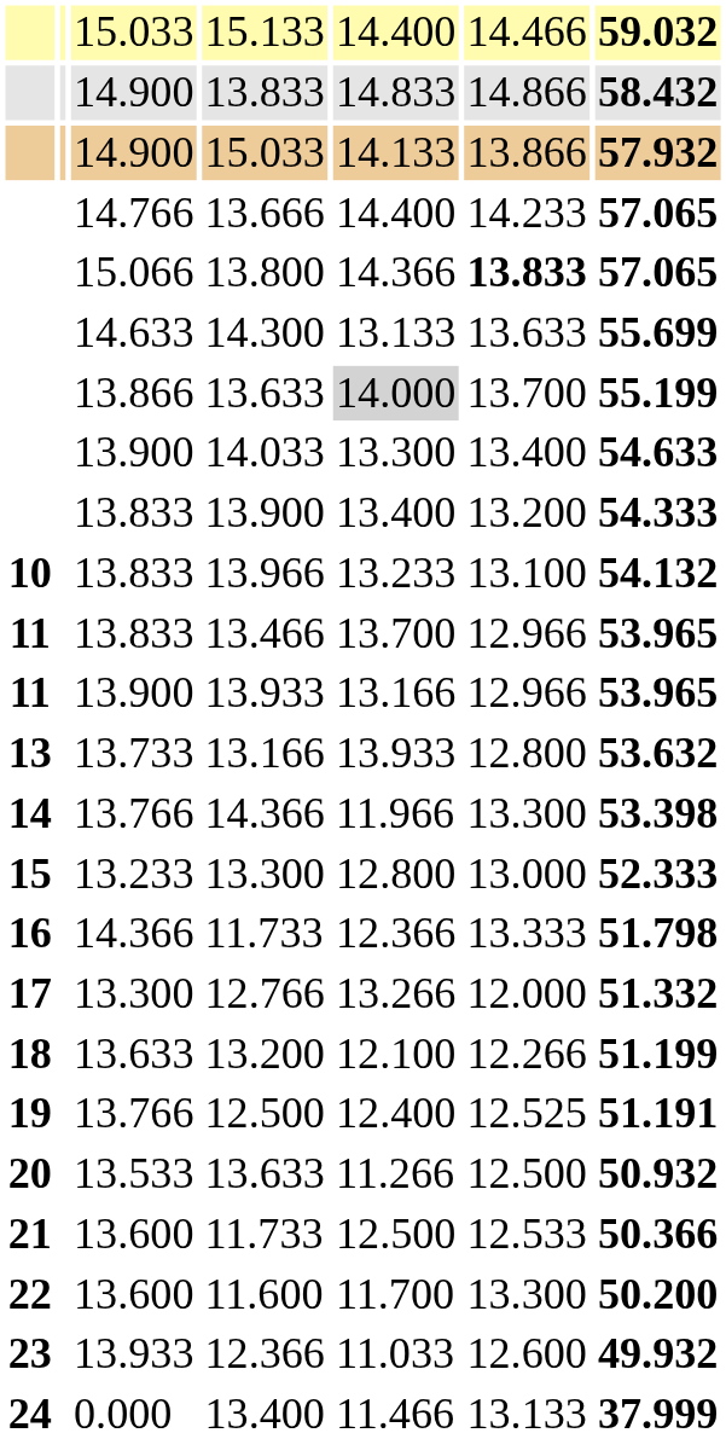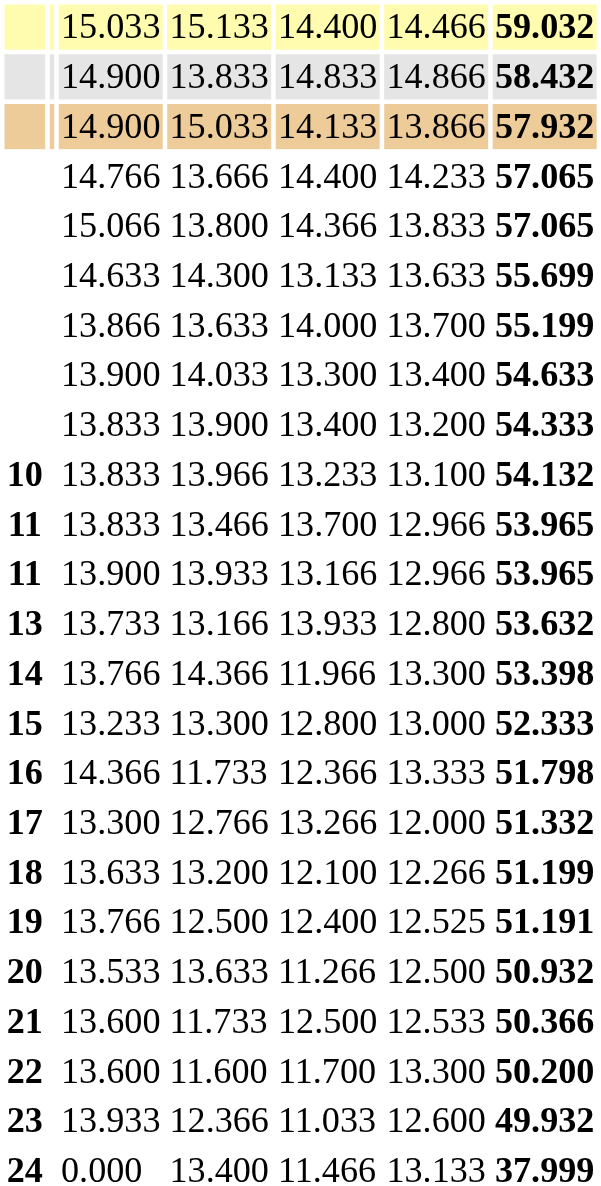 <table>
 <tr style="background:#fffcaf;">
 <th scope=row style="text-align:center"></th>
 <td align=left></td>
 <td>15.033</td>
 <td>15.133</td>
 <td>14.400</td>
 <td>14.466</td>
 <td><strong>59.032</strong></td>
 </tr>
 <tr style="background:#e5e5e5;">
 <th scope=row style="text-align:center"></th>
 <td align=left></td>
 <td>14.900</td>
 <td>13.833</td>
 <td>14.833</td>
 <td>14.866</td>
 <td><strong>58.432</strong></td>
 </tr>
 <tr style="background:#ec9;">
 <th scope=row style="text-align:center"></th>
 <td align=left></td>
 <td>14.900</td>
 <td>15.033</td>
 <td>14.133</td>
 <td>13.866</td>
 <td><strong>57.932</strong></td>
 </tr>
 <tr>
 <th scope=row style="text-align:center"></th>
 <td align=left></td>
 <td>14.766</td>
 <td>13.666</td>
 <td>14.400</td>
 <td>14.233</td>
 <td><strong>57.065</strong></td>
 </tr>
 <tr>
 <th scope=row style="text-align:center"></th>
 <td align=left></td>
 <td>15.066</td>
 <td>13.800</td>
 <td>14.366</td>
-<td><strong>13.833</strong></td>
+<td>13.833</td>
 <td><strong>57.065</strong></td>
 </tr>
 <tr>
 <th scope=row style="text-align:center"></th>
 <td align=left></td>
 <td>14.633</td>
 <td>14.300</td>
 <td>13.133</td>
 <td>13.633</td>
 <td><strong>55.699</strong></td>
 </tr>
 <tr>
 <th scope=row style="text-align:center"></th>
 <td align=left></td>
 <td>13.866</td>
 <td>13.633</td>
-<td style="background: lightgrey;">14.000</td>
+<td>14.000</td>
 <td>13.700</td>
 <td><strong>55.199</strong></td>
 </tr>
 <tr>
 <th scope=row style="text-align:center"></th>
 <td align=left></td>
 <td>13.900</td>
 <td>14.033</td>
 <td>13.300</td>
 <td>13.400</td>
 <td><strong>54.633</strong></td>
 </tr>
 <tr>
 <th scope=row style="text-align:center"></th>
 <td align=left></td>
 <td>13.833</td>
 <td>13.900</td>
 <td>13.400</td>
 <td>13.200</td>
 <td><strong>54.333</strong></td>
 </tr>
 <tr>
 <th scope=row style="text-align:center">10</th>
 <td align=left></td>
 <td>13.833</td>
 <td>13.966</td>
 <td>13.233</td>
 <td>13.100</td>
 <td><strong>54.132</strong></td>
 </tr>
 <tr>
 <th scope=row style="text-align:center">11</th>
 <td align=left></td>
 <td>13.833</td>
 <td>13.466</td>
 <td>13.700</td>
 <td>12.966</td>
 <td><strong>53.965</strong></td>
 </tr>
 <tr>
 <th scope=row style="text-align:center">11</th>
 <td align=left></td>
 <td>13.900</td>
 <td>13.933</td>
 <td>13.166</td>
 <td>12.966</td>
 <td><strong>53.965</strong></td>
 </tr>
 <tr>
 <th scope=row style="text-align:center">13</th>
 <td align=left></td>
 <td>13.733</td>
 <td>13.166</td>
 <td>13.933</td>
 <td>12.800</td>
 <td><strong>53.632</strong></td>
 </tr>
 <tr>
 <th scope=row style="text-align:center">14</th>
 <td align=left></td>
 <td>13.766</td>
 <td>14.366</td>
 <td>11.966</td>
 <td>13.300</td>
 <td><strong>53.398</strong></td>
 </tr>
 <tr>
 <th scope=row style="text-align:center">15</th>
 <td align=left></td>
 <td>13.233</td>
 <td>13.300</td>
 <td>12.800</td>
 <td>13.000</td>
 <td><strong>52.333</strong></td>
 </tr>
 <tr>
 <th scope=row style="text-align:center">16</th>
 <td align=left></td>
 <td>14.366</td>
 <td>11.733</td>
 <td>12.366</td>
 <td>13.333</td>
 <td><strong>51.798</strong></td>
 </tr>
 <tr>
 <th scope=row style="text-align:center">17</th>
 <td align=left></td>
 <td>13.300</td>
 <td>12.766</td>
 <td>13.266</td>
 <td>12.000</td>
 <td><strong>51.332</strong></td>
 </tr>
 <tr>
 <th scope=row style="text-align:center">18</th>
 <td align=left></td>
 <td>13.633</td>
 <td>13.200</td>
 <td>12.100</td>
 <td>12.266</td>
 <td><strong>51.199</strong></td>
 </tr>
 <tr>
 <th scope=row style="text-align:center">19</th>
 <td align=left></td>
 <td>13.766</td>
 <td>12.500</td>
 <td>12.400</td>
 <td>12.525</td>
 <td><strong>51.191</strong></td>
 </tr>
 <tr>
 <th scope=row style="text-align:center">20</th>
 <td align=left></td>
 <td>13.533</td>
 <td>13.633</td>
 <td>11.266</td>
 <td>12.500</td>
 <td><strong>50.932</strong></td>
 </tr>
 <tr>
 <th scope=row style="text-align:center">21</th>
 <td align=left></td>
 <td>13.600</td>
 <td>11.733</td>
 <td>12.500</td>
 <td>12.533</td>
 <td><strong>50.366</strong></td>
 </tr>
 <tr>
 <th scope=row style="text-align:center">22</th>
 <td align=left></td>
 <td>13.600</td>
 <td>11.600</td>
 <td>11.700</td>
 <td>13.300</td>
 <td><strong>50.200</strong></td>
 </tr>
 <tr>
 <th scope=row style="text-align:center">23</th>
 <td align=left></td>
 <td>13.933</td>
 <td>12.366</td>
 <td>11.033</td>
 <td>12.600</td>
 <td><strong>49.932</strong></td>
 </tr>
 <tr>
 <th scope=row style="text-align:center">24</th>
 <td align=left></td>
 <td>0.000</td>
 <td>13.400</td>
 <td>11.466</td>
 <td>13.133</td>
 <td><strong>37.999</strong></td>
 </tr>
 </table>
